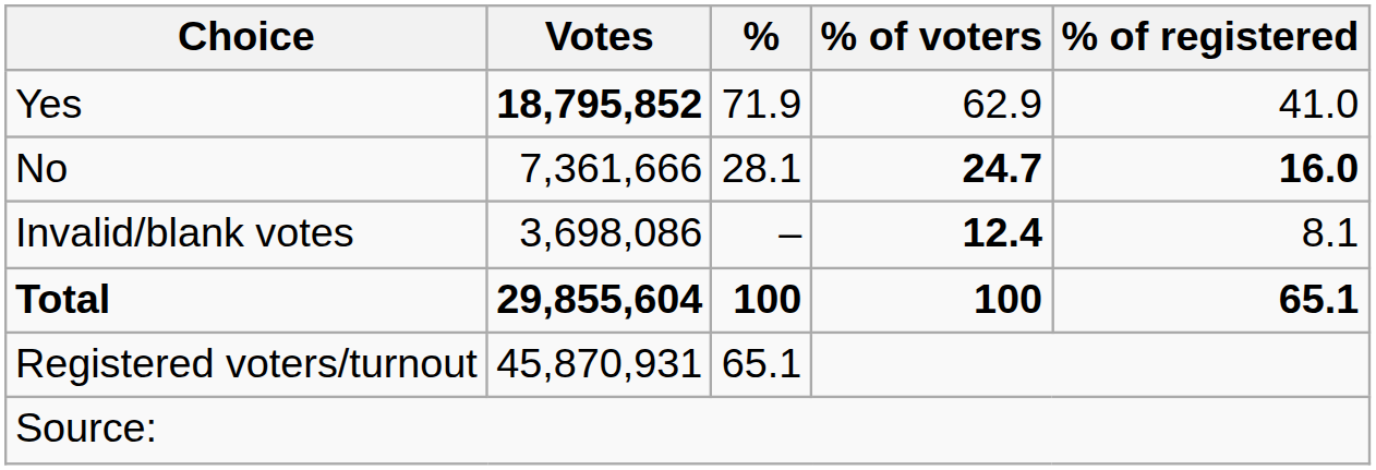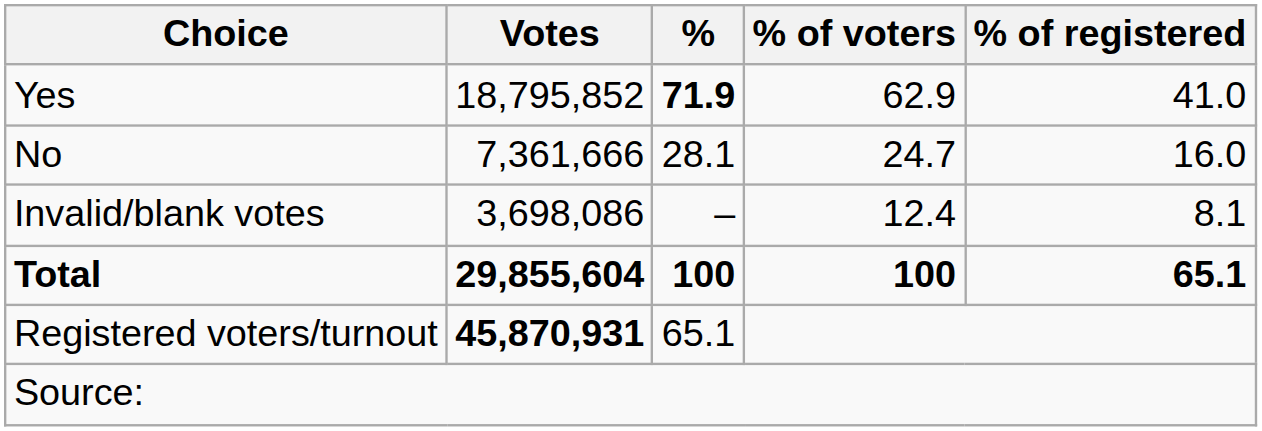 <table class=wikitable style=text-align:right>
 <tr>
 <th>Choice</th>
 <th>Votes</th>
 <th>%</th>
 <th>% of voters</th>
 <th>% of registered</th>
 </tr>
 <tr>
 <td align=left> Yes</td>
-<td><strong>18,795,852</strong></td>
-<td>71.9</td>
+<td>18,795,852</td>
+<td><strong>71.9</strong></td>
 <td>62.9</td>
 <td>41.0</td>
 </tr>
 <tr>
 <td align=left>No</td>
 <td>7,361,666</td>
 <td>28.1</td>
-<td><strong>24.7</strong></td>
-<td><strong>16.0</strong></td>
+<td>24.7</td>
+<td>16.0</td>
 </tr>
 <tr>
 <td align=left>Invalid/blank votes</td>
 <td>3,698,086</td>
 <td>–</td>
-<td><strong>12.4</strong></td>
+<td>12.4</td>
 <td>8.1</td>
 </tr>
 <tr>
 <td align=left><strong>Total</strong></td>
 <td><strong>29,855,604</strong></td>
 <td><strong>100</strong></td>
 <td><strong>100</strong></td>
 <td><strong>65.1</strong></td>
 </tr>
 <tr>
 <td align=left>Registered voters/turnout</td>
-<td>45,870,931</td>
+<td><strong>45,870,931</strong></td>
 <td>65.1</td>
 </tr>
 <tr>
 <td align=left colspan=5>Source: </td>
 </tr>
 </table>
